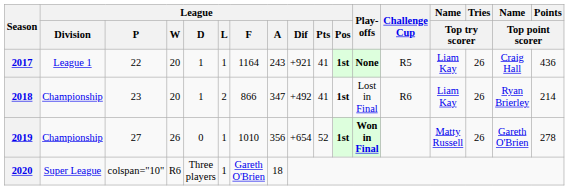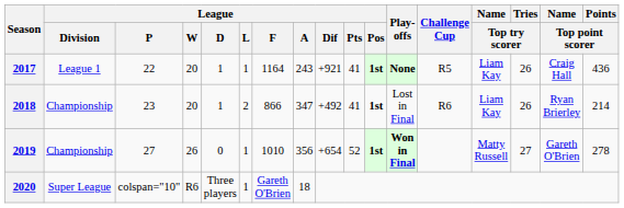 <table class="wikitable" style="text-align: center">
 <tr>
 <th rowspan="2" scope="col">Season</th>
 <th colspan="10" scope="col">League</th>
 <th rowspan="2" scope="col">Play-offs</th>
 <th rowspan="2" scope="col"> <a href='#'>Challenge Cup</a></th>
 <th scope="col">Name</th>
 <th scope="col">Tries</th>
 <th scope="col">Name</th>
 <th scope="col">Points</th>
 </tr>
 <tr>
 <th scope="col">Division</th>
 <th scope="col">P</th>
 <th scope="col">W</th>
 <th scope="col">D</th>
 <th scope="col">L</th>
 <th scope="col">F</th>
 <th scope="col">A</th>
 <th scope="col">Dif</th>
 <th scope="col">Pts</th>
 <th scope="col">Pos</th>
 <th colspan="2" scope="col">Top try scorer</th>
 <th colspan="2" scope="col">Top point scorer</th>
 </tr>
 <tr>
 <th scope="row"><a href='#'>2017</a></th>
 <td><a href='#'>League 1</a></td>
 <td>22</td>
 <td>20</td>
 <td>1</td>
 <td>1</td>
 <td>1164</td>
 <td>243</td>
 <td>+921</td>
 <td>41</td>
 <td style="background:#ddffdd;"><strong>1st</strong></td>
 <td style="background:#ddffdd;"><strong>None</strong></td>
 <td>R5</td>
 <td><a href='#'>Liam Kay</a></td>
 <td>26</td>
 <td><a href='#'>Craig Hall</a></td>
 <td>436</td>
 </tr>
 <tr>
 <th scope="row"><a href='#'>2018</a></th>
 <td><a href='#'>Championship</a></td>
 <td>23</td>
 <td>20</td>
 <td>1</td>
 <td>2</td>
 <td>866</td>
 <td>347</td>
 <td>+492</td>
 <td>41</td>
 <td><strong>1st</strong></td>
 <td>Lost in <a href='#'>Final</a></td>
 <td>R6</td>
 <td><a href='#'>Liam Kay</a></td>
 <td>26</td>
 <td><a href='#'>Ryan Brierley</a></td>
 <td>214</td>
 </tr>
 <tr>
 <th scope="row"><a href='#'>2019</a></th>
 <td><a href='#'>Championship</a></td>
 <td>27</td>
 <td>26</td>
 <td>0</td>
 <td>1</td>
 <td>1010</td>
 <td>356</td>
 <td>+654</td>
 <td>52</td>
 <td style="background:#ddffdd;"><strong>1st</strong></td>
 <td style="background:#ddffdd;"><strong>Won in <a href='#'>Final</a></strong></td>
 <td></td>
 <td><a href='#'>Matty Russell</a></td>
-<td>26</td>
+<td>27</td>
 <td><a href='#'>Gareth O'Brien</a></td>
 <td>278</td>
 </tr>
 <tr>
 <th scope="row"><a href='#'>2020</a></th>
 <td><a href='#'>Super League</a></td>
 <td>colspan="10"</td>
 <td>R6</td>
 <td>Three players</td>
 <td>1</td>
 <td><a href='#'>Gareth O'Brien</a></td>
 <td>18</td>
 </tr>
 </table>
